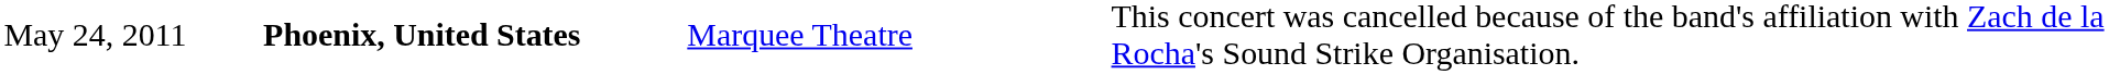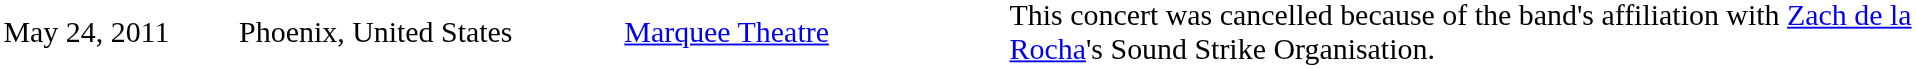 <table cellpadding="2" style="border: 0px solid darkgray;">
 <tr>
 <th width="120"></th>
 <th width="200"></th>
 <th width="200"></th>
 <th width="500"></th>
 </tr>
 <tr border="0">
 <td>May 24, 2011</td>
-<td><strong>Phoenix, United States</strong></td>
+<td>Phoenix, United States</td>
 <td><a href='#'>Marquee Theatre</a></td>
 <td>This concert was cancelled because of the band's affiliation with <a href='#'>Zach de la Rocha</a>'s Sound Strike Organisation.</td>
 </tr>
 </table>
